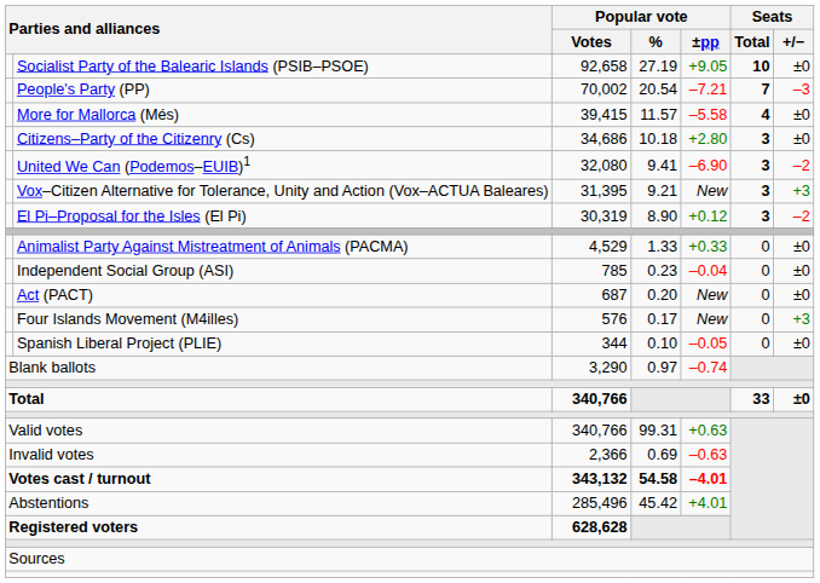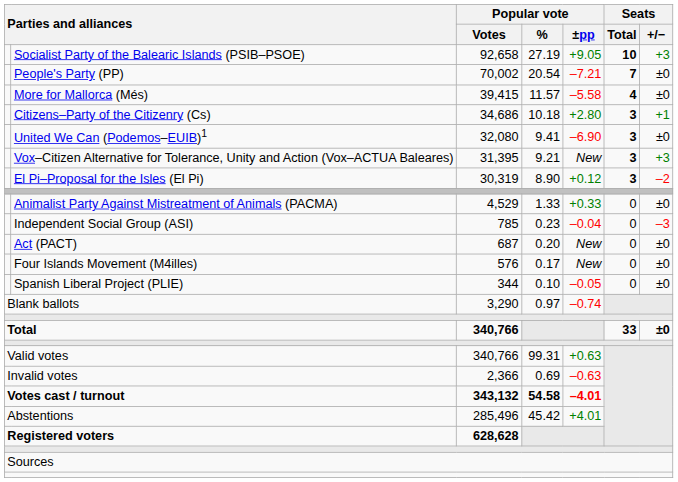 <table class="wikitable" style="text-align:right;">
 <tr>
 <th style="text-align:left;" rowspan="2" colspan="2" width="525">Parties and alliances</th>
 <th colspan="3">Popular vote</th>
 <th colspan="2">Seats</th>
 </tr>
 <tr>
 <th width="75">Votes</th>
 <th width="45">%</th>
 <th width="45">±<a href='#'>pp</a></th>
 <th width="35">Total</th>
 <th width="35">+/−</th>
 </tr>
 <tr>
 <td width="1" style="color:inherit;background:"></td>
 <td align="left"><a href='#'>Socialist Party of the Balearic Islands</a> (PSIB–PSOE)</td>
 <td>92,658</td>
 <td>27.19</td>
 <td style="color:green;">+9.05</td>
 <td><strong>10</strong></td>
-<td>±0</td>
+<td style="color:green;">+3</td>
 </tr>
 <tr>
 <td style="color:inherit;background:"></td>
 <td align="left"><a href='#'>People's Party</a> (PP)</td>
 <td>70,002</td>
 <td>20.54</td>
 <td style="color:red;">–7.21</td>
 <td><strong>7</strong></td>
-<td style="color:red;">–3</td>
+<td>±0</td>
 </tr>
 <tr>
 <td style="color:inherit;background:"></td>
 <td align="left"><a href='#'>More for Mallorca</a> (Més)</td>
 <td>39,415</td>
 <td>11.57</td>
 <td style="color:red;">–5.58</td>
 <td><strong>4</strong></td>
 <td>±0</td>
 </tr>
 <tr>
 <td style="color:inherit;background:"></td>
 <td align="left"><a href='#'>Citizens–Party of the Citizenry</a> (Cs)</td>
 <td>34,686</td>
 <td>10.18</td>
 <td style="color:green;">+2.80</td>
 <td><strong>3</strong></td>
-<td>±0</td>
+<td style="color:green;">+1</td>
 </tr>
 <tr>
 <td style="color:inherit;background:"></td>
 <td align="left"><a href='#'>United We Can</a> (<a href='#'>Podemos</a>–<a href='#'>EUIB</a>)<sup>1</sup></td>
 <td>32,080</td>
 <td>9.41</td>
 <td style="color:red;">–6.90</td>
 <td><strong>3</strong></td>
-<td style="color:red;">–2</td>
+<td>±0</td>
 </tr>
 <tr>
 <td style="color:inherit;background:"></td>
 <td align="left"><a href='#'>Vox</a>–Citizen Alternative for Tolerance, Unity and Action (Vox–ACTUA Baleares)</td>
 <td>31,395</td>
 <td>9.21</td>
 <td><em>New</em></td>
 <td><strong>3</strong></td>
 <td style="color:green;">+3</td>
 </tr>
 <tr>
 <td style="color:inherit;background:"></td>
 <td align="left"><a href='#'>El Pi–Proposal for the Isles</a> (El Pi)</td>
 <td>30,319</td>
 <td>8.90</td>
 <td style="color:green;">+0.12</td>
 <td><strong>3</strong></td>
 <td style="color:red;">–2</td>
 </tr>
 <tr>
 <td colspan="7" bgcolor="#C0C0C0"></td>
 </tr>
 <tr>
 <td style="color:inherit;background:"></td>
 <td align="left"><a href='#'>Animalist Party Against Mistreatment of Animals</a> (PACMA)</td>
 <td>4,529</td>
 <td>1.33</td>
 <td style="color:green;">+0.33</td>
 <td>0</td>
 <td>±0</td>
 </tr>
 <tr>
 <td style="color:inherit;background:"></td>
 <td align="left">Independent Social Group (ASI)</td>
 <td>785</td>
 <td>0.23</td>
 <td style="color:red;">–0.04</td>
 <td>0</td>
-<td>±0</td>
+<td style="color:red;">–3</td>
 </tr>
 <tr>
 <td style="color:inherit;background:"></td>
 <td align="left"><a href='#'>Act</a> (PACT)</td>
 <td>687</td>
 <td>0.20</td>
 <td><em>New</em></td>
 <td>0</td>
 <td>±0</td>
 </tr>
 <tr>
 <td style="color:inherit;background:"></td>
 <td align="left">Four Islands Movement (M4illes)</td>
 <td>576</td>
 <td>0.17</td>
 <td><em>New</em></td>
 <td>0</td>
-<td style="color:green;">+3</td>
+<td>±0</td>
 </tr>
 <tr>
 <td style="color:inherit;background:"></td>
 <td align="left">Spanish Liberal Project (PLIE)</td>
 <td>344</td>
 <td>0.10</td>
 <td style="color:red;">–0.05</td>
 <td>0</td>
 <td>±0</td>
 </tr>
 <tr>
 <td align="left" colspan="2">Blank ballots</td>
 <td>3,290</td>
 <td>0.97</td>
 <td style="color:red;">–0.74</td>
 <td bgcolor="#E9E9E9" colspan="2"></td>
 </tr>
 <tr>
 <td colspan="7" bgcolor="#E9E9E9"></td>
 </tr>
 <tr style="font-weight:bold;">
 <td align="left" colspan="2">Total</td>
 <td>340,766</td>
 <td bgcolor="#E9E9E9" colspan="2"></td>
 <td>33</td>
 <td>±0</td>
 </tr>
 <tr>
 <td colspan="7" bgcolor="#E9E9E9"></td>
 </tr>
 <tr>
 <td align="left" colspan="2">Valid votes</td>
 <td>340,766</td>
 <td>99.31</td>
 <td style="color:green;">+0.63</td>
 <td bgcolor="#E9E9E9" colspan="2" rowspan="5"></td>
 </tr>
 <tr>
 <td align="left" colspan="2">Invalid votes</td>
 <td>2,366</td>
 <td>0.69</td>
 <td style="color:red;">–0.63</td>
 </tr>
 <tr style="font-weight:bold;">
 <td align="left" colspan="2">Votes cast / turnout</td>
 <td>343,132</td>
 <td>54.58</td>
 <td style="color:red;">–4.01</td>
 </tr>
 <tr>
 <td align="left" colspan="2">Abstentions</td>
 <td>285,496</td>
 <td>45.42</td>
 <td style="color:green;">+4.01</td>
 </tr>
 <tr style="font-weight:bold;">
 <td align="left" colspan="2">Registered voters</td>
 <td>628,628</td>
 <td bgcolor="#E9E9E9" colspan="2"></td>
 </tr>
 <tr>
 <td colspan="7" bgcolor="#E9E9E9"></td>
 </tr>
 <tr>
 <td align="left" colspan="7">Sources</td>
 </tr>
 <tr>
 <td colspan="7" style="text-align:left; max-width:790px;"></td>
 </tr>
 </table>
